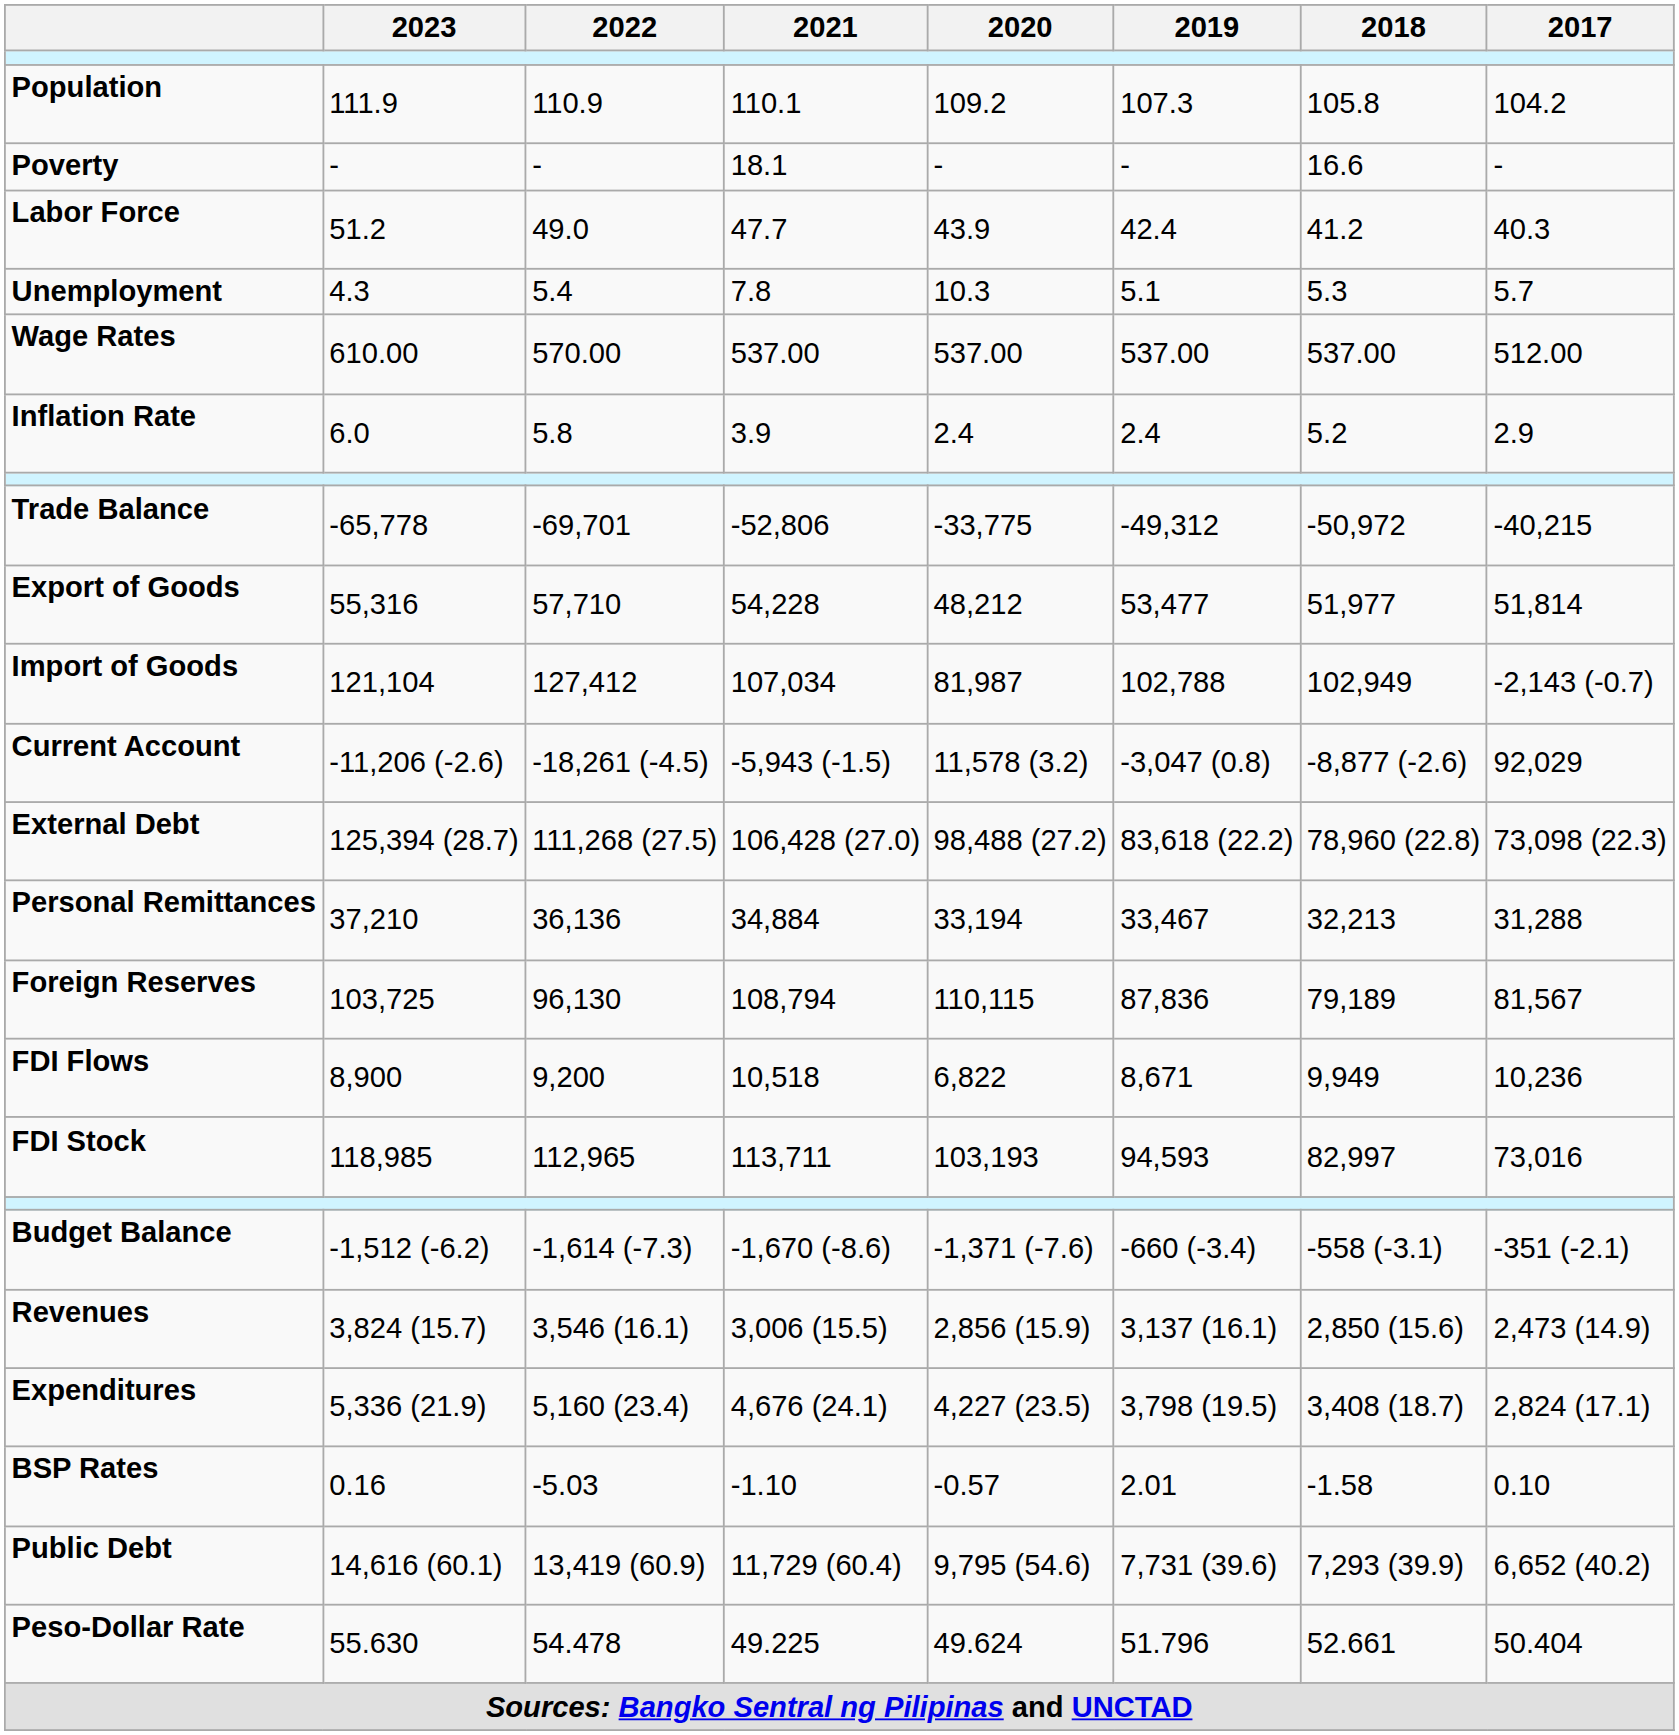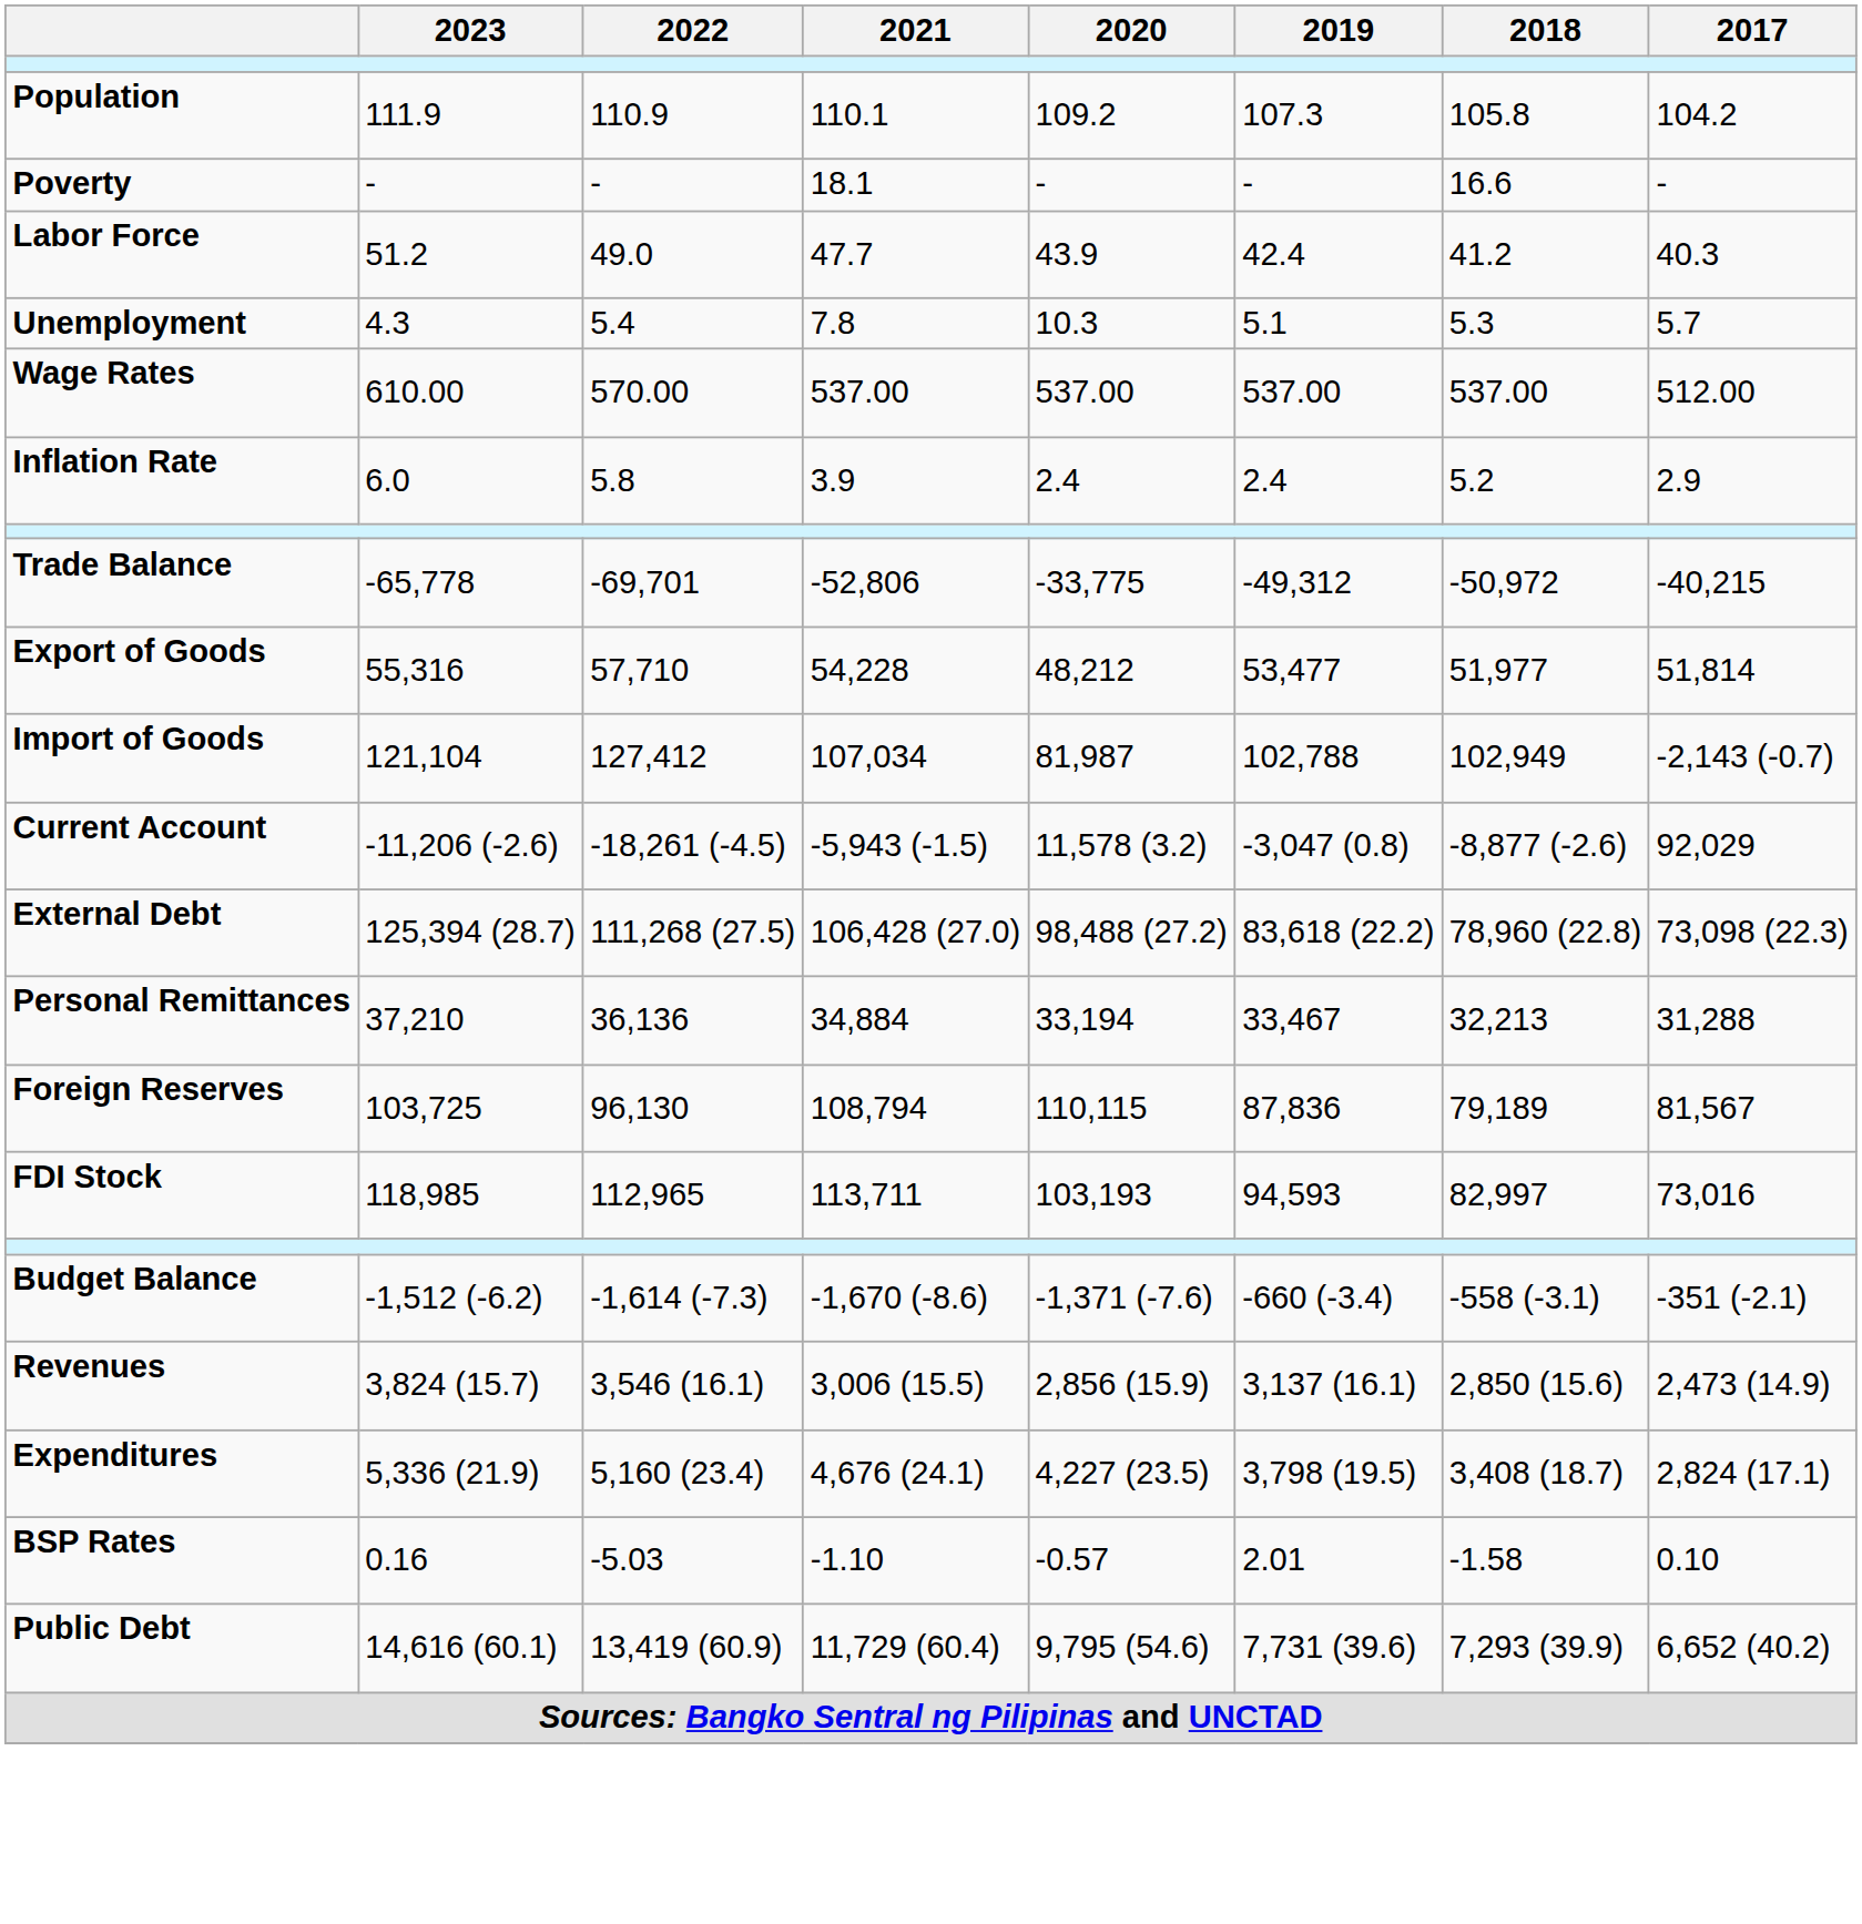 <table class="wikitable">
 <tr style="background-color:#E0E0E0">
 <th></th>
 <th><strong>2023</strong></th>
 <th><strong>2022</strong></th>
 <th><strong>2021</strong></th>
 <th><strong>2020</strong></th>
 <th><strong>2019</strong></th>
 <th><strong>2018</strong></th>
 <th><strong>2017</strong></th>
 </tr>
 <tr>
 <th colspan="8" style="background-color:#D0F4FF"></th>
 </tr>
 <tr>
 <td><strong>Population</strong><br><em></em><br></td>
 <td>111.9</td>
 <td>110.9</td>
 <td>110.1</td>
 <td>109.2</td>
 <td>107.3</td>
 <td>105.8</td>
 <td>104.2</td>
 </tr>
 <tr>
 <td><strong>Poverty</strong> <em></em></td>
 <td>-</td>
 <td>-</td>
 <td>18.1</td>
 <td>-</td>
 <td>-</td>
 <td>16.6</td>
 <td>-</td>
 </tr>
 <tr>
 <td><strong>Labor Force</strong> <br><em></em><br></td>
 <td>51.2</td>
 <td>49.0</td>
 <td>47.7</td>
 <td>43.9</td>
 <td>42.4</td>
 <td>41.2</td>
 <td>40.3</td>
 </tr>
 <tr>
 <td><strong>Unemployment</strong> <em></em></td>
 <td>4.3</td>
 <td>5.4</td>
 <td>7.8</td>
 <td>10.3</td>
 <td>5.1</td>
 <td>5.3</td>
 <td>5.7</td>
 </tr>
 <tr>
 <td><strong>Wage Rates</strong> <br><em></em><br></td>
 <td>610.00</td>
 <td>570.00</td>
 <td>537.00</td>
 <td>537.00</td>
 <td>537.00</td>
 <td>537.00</td>
 <td>512.00</td>
 </tr>
 <tr>
 <td><strong>Inflation Rate</strong><br><em></em><br></td>
 <td>6.0</td>
 <td>5.8</td>
 <td>3.9</td>
 <td>2.4</td>
 <td>2.4</td>
 <td>5.2</td>
 <td>2.9</td>
 </tr>
 <tr>
 <th colspan="8" style="background-color:#D0F4FF"></th>
 </tr>
 <tr>
 <td><strong>Trade Balance</strong> <br><em></em><br></td>
 <td>-65,778</td>
 <td>-69,701</td>
 <td>-52,806</td>
 <td>-33,775</td>
 <td>-49,312</td>
 <td>-50,972</td>
 <td>-40,215</td>
 </tr>
 <tr>
 <td><strong>Export of Goods</strong> <br><em></em><br></td>
 <td>55,316</td>
 <td>57,710</td>
 <td>54,228</td>
 <td>48,212</td>
 <td>53,477</td>
 <td>51,977</td>
 <td>51,814</td>
 </tr>
 <tr>
 <td><strong>Import of Goods</strong> <br><em></em><br></td>
 <td>121,104</td>
 <td>127,412</td>
 <td>107,034</td>
 <td>81,987</td>
 <td>102,788</td>
 <td>102,949</td>
 <td>-2,143 (-0.7)</td>
 </tr>
 <tr>
 <td><strong>Current Account</strong> <br><em></em><br></td>
 <td>-11,206 (-2.6)</td>
 <td>-18,261 (-4.5)</td>
 <td>-5,943 (-1.5)</td>
 <td>11,578 (3.2)</td>
 <td>-3,047 (0.8)</td>
 <td>-8,877 (-2.6)</td>
 <td>92,029</td>
 </tr>
 <tr>
 <td><strong>External Debt</strong> <br><em></em><br></td>
 <td>125,394 (28.7)</td>
 <td>111,268 (27.5)</td>
 <td>106,428 (27.0)</td>
 <td>98,488 (27.2)</td>
 <td>83,618 (22.2)</td>
 <td>78,960 (22.8)</td>
 <td>73,098 (22.3)</td>
 </tr>
 <tr>
 <td><strong>Personal Remittances</strong> <br><em></em><br></td>
 <td>37,210</td>
 <td>36,136</td>
 <td>34,884</td>
 <td>33,194</td>
 <td>33,467</td>
 <td>32,213</td>
 <td>31,288</td>
 </tr>
 <tr>
 <td><strong>Foreign Reserves</strong> <br><em></em><br></td>
 <td>103,725</td>
 <td>96,130</td>
 <td>108,794</td>
 <td>110,115</td>
 <td>87,836</td>
 <td>79,189</td>
 <td>81,567</td>
 </tr>
 <tr>
-<td><strong>FDI Flows</strong> <br><em></em><br></td>
-<td>8,900</td>
-<td>9,200</td>
-<td>10,518</td>
-<td>6,822</td>
-<td>8,671</td>
-<td>9,949</td>
-<td>10,236</td>
-</tr>
-<tr>
 <td><strong>FDI Stock</strong> <br><em></em><br></td>
 <td>118,985</td>
 <td>112,965</td>
 <td>113,711</td>
 <td>103,193</td>
 <td>94,593</td>
 <td>82,997</td>
 <td>73,016</td>
 </tr>
 <tr>
 <th colspan="8" style="background-color:#D0F4FF"></th>
 </tr>
 <tr>
 <td><strong>Budget Balance</strong> <br><em></em><br></td>
 <td>-1,512 (-6.2)</td>
 <td>-1,614 (-7.3)</td>
 <td>-1,670 (-8.6)</td>
 <td>-1,371 (-7.6)</td>
 <td>-660 (-3.4)</td>
 <td>-558 (-3.1)</td>
 <td>-351 (-2.1)</td>
 </tr>
 <tr>
 <td><strong>Revenues</strong> <br><em></em><br></td>
 <td>3,824 (15.7)</td>
 <td>3,546 (16.1)</td>
 <td>3,006 (15.5)</td>
 <td>2,856 (15.9)</td>
 <td>3,137 (16.1)</td>
 <td>2,850 (15.6)</td>
 <td>2,473 (14.9)</td>
 </tr>
 <tr>
 <td><strong>Expenditures</strong> <br><em></em><br></td>
 <td>5,336 (21.9)</td>
 <td>5,160 (23.4)</td>
 <td>4,676 (24.1)</td>
 <td>4,227 (23.5)</td>
 <td>3,798 (19.5)</td>
 <td>3,408 (18.7)</td>
 <td>2,824 (17.1)</td>
 </tr>
 <tr>
 <td><strong>BSP Rates</strong> <br><em></em><br></td>
 <td>0.16</td>
 <td>-5.03</td>
 <td>-1.10</td>
 <td>-0.57</td>
 <td>2.01</td>
 <td>-1.58</td>
 <td>0.10</td>
 </tr>
 <tr>
 <td><strong>Public Debt</strong> <br><em></em><br></td>
 <td>14,616 (60.1)</td>
 <td>13,419 (60.9)</td>
 <td>11,729 (60.4)</td>
 <td>9,795 (54.6)</td>
 <td>7,731 (39.6)</td>
 <td>7,293 (39.9)</td>
 <td>6,652 (40.2)</td>
 </tr>
 <tr>
-<td><strong>Peso-Dollar Rate</strong> <br><em></em><br></td>
-<td>55.630</td>
-<td>54.478</td>
-<td>49.225</td>
-<td>49.624</td>
-<td>51.796</td>
-<td>52.661</td>
-<td>50.404</td>
-</tr>
-<tr>
 <th colspan="8" style="background-color:#E0E0E0"><em>Sources: <a href='#'>Bangko Sentral ng Pilipinas</a></em> and <a href='#'>UNCTAD</a></th>
 </tr>
 <tr>
 </tr>
 </table>
